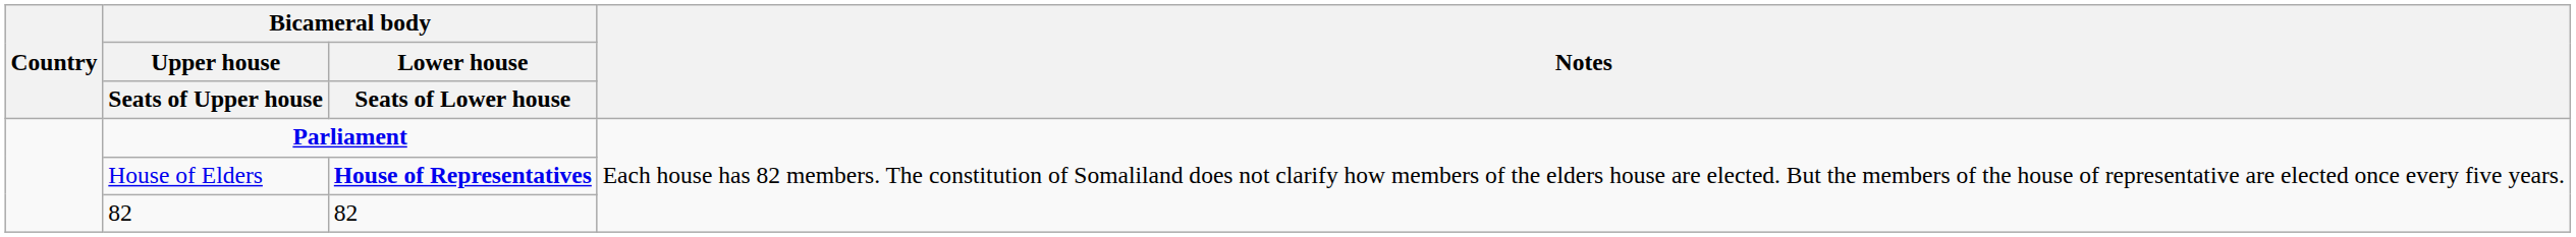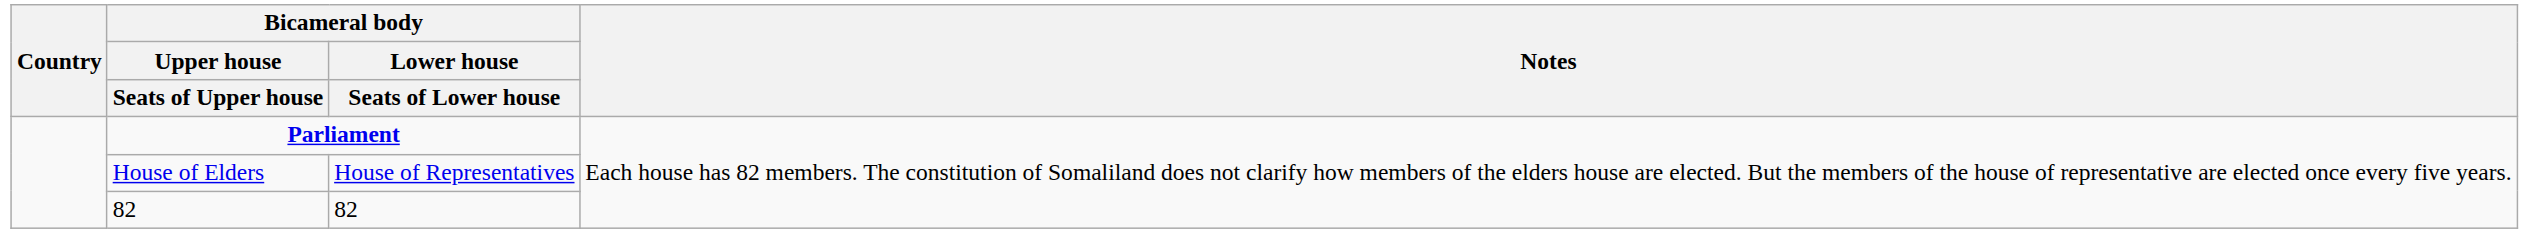 <table class="wikitable sortable" style="margin:auto;">
 <tr>
 <th rowspan=3>Country</th>
 <th colspan=2>Bicameral body</th>
 <th rowspan=3>Notes</th>
 </tr>
 <tr>
 <th>Upper house</th>
 <th>Lower house</th>
 </tr>
 <tr>
 <th>Seats of Upper house</th>
 <th>Seats of Lower house</th>
 </tr>
 <tr>
 <td rowspan=3></td>
 <td colspan="2" style="text-align:center;"><strong><a href='#'>Parliament</a></strong></td>
 <td rowspan=3>Each house has 82 members. The constitution of Somaliland does not clarify how members of the elders house are elected. But the members of the house of representative are elected once every five years.</td>
 </tr>
 <tr>
 <td><a href='#'>House of Elders</a></td>
-<td><strong><a href='#'>House of Representatives</a></strong></td>
+<td><a href='#'>House of Representatives</a></td>
 </tr>
 <tr>
 <td>82</td>
 <td>82</td>
 </tr>
 </table>
